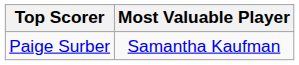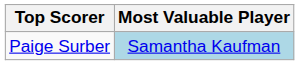 <table class="wikitable" style="margin: 0 auto;">
 <tr>
 <th>Top Scorer</th>
 <th>Most Valuable Player</th>
 </tr>
 <tr>
 <td align=center> <a href='#'>Paige Surber</a></td>
-<td align=center> <a href='#'>Samantha Kaufman</a></td>
+<td align=center style="background: lightblue;"> <a href='#'>Samantha Kaufman</a></td>
 </tr>
 </table>
